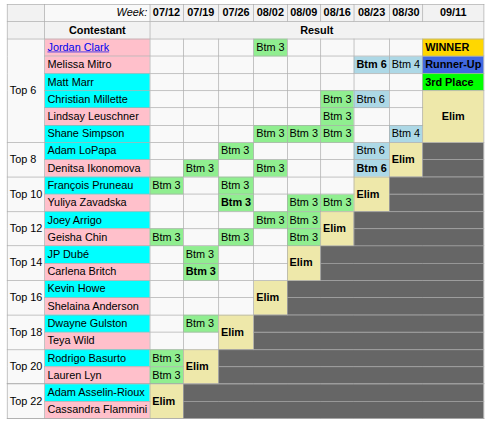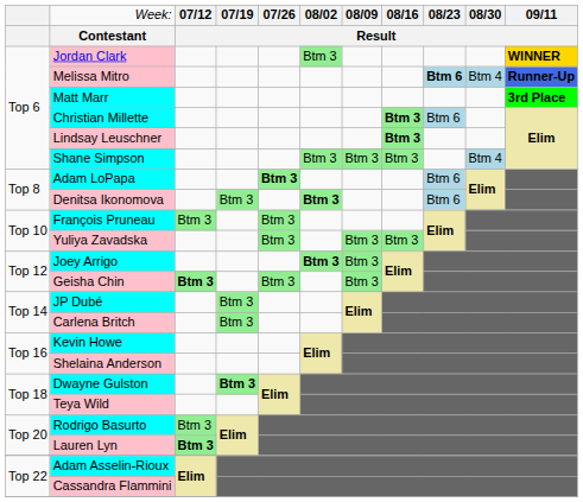 <table class="wikitable" style="margin:1em auto;">
 <tr>
 <th></th>
 <td align="right"><em>Week:</em></td>
 <th>07/12</th>
 <th>07/19</th>
 <th>07/26</th>
 <th>08/02</th>
 <th>08/09</th>
 <th>08/16</th>
 <th>08/23</th>
 <th>08/30</th>
 <th>09/11</th>
 </tr>
 <tr>
 <th></th>
 <th>Contestant</th>
 <th colspan="9" align="center">Result</th>
 </tr>
 <tr>
 <td rowspan="6">Top 6</td>
 <td bgcolor="pink"><a href='#'>Jordan Clark</a></td>
 <td></td>
 <td></td>
 <td></td>
 <td style="background:lightgreen;">Btm 3</td>
 <td></td>
 <td></td>
 <td></td>
 <td></td>
 <td bgcolor="gold"><strong>WINNER</strong></td>
 </tr>
 <tr>
 <td bgcolor="pink">Melissa Mitro</td>
 <td></td>
 <td></td>
 <td></td>
 <td></td>
 <td></td>
 <td></td>
 <td style="background:lightblue;"><strong>Btm 6</strong></td>
 <td style="background:lightblue;">Btm 4</td>
 <td bgcolor="royalblue"><strong>Runner-Up</strong></td>
 </tr>
 <tr>
 <td bgcolor="cyan">Matt Marr</td>
 <td></td>
 <td></td>
 <td></td>
 <td></td>
 <td></td>
 <td></td>
 <td></td>
 <td></td>
 <td bgcolor="lime"><strong>3rd Place</strong></td>
 </tr>
 <tr>
 <td bgcolor="cyan">Christian Millette</td>
 <td></td>
 <td></td>
 <td></td>
 <td></td>
 <td></td>
-<td style="background:lightgreen;">Btm 3</td>
+<td style="background:lightgreen;"><strong>Btm 3</strong></td>
 <td style="background:lightblue;">Btm 6</td>
 <td></td>
 <td style="text-align:center; background:palegoldenrod;" rowspan="3"><strong>Elim</strong></td>
 </tr>
 <tr>
 <td bgcolor="pink">Lindsay Leuschner</td>
 <td></td>
 <td></td>
 <td></td>
 <td></td>
 <td></td>
-<td style="background:lightgreen;">Btm 3</td>
+<td style="background:lightgreen;"><strong>Btm 3</strong></td>
 <td></td>
 <td></td>
 </tr>
 <tr>
 <td bgcolor="cyan">Shane Simpson</td>
 <td></td>
 <td></td>
 <td></td>
 <td style="background:lightgreen;">Btm 3</td>
 <td style="background:lightgreen;">Btm 3</td>
 <td style="background:lightgreen;">Btm 3</td>
 <td></td>
 <td style="background:lightblue;">Btm 4</td>
 </tr>
 <tr>
 <td rowspan="2">Top 8</td>
 <td bgcolor="cyan">Adam LoPapa</td>
 <td></td>
 <td></td>
-<td style="background:lightgreen;">Btm 3</td>
+<td style="background:lightgreen;"><strong>Btm 3</strong></td>
 <td></td>
 <td></td>
 <td></td>
 <td style="background:lightblue;">Btm 6</td>
 <td rowspan="2" bgcolor="palegoldenrod"><strong>Elim</strong></td>
 <td colspan="1" bgcolor="666666"></td>
 </tr>
 <tr>
 <td bgcolor="pink">Denitsa Ikonomova</td>
 <td></td>
 <td style="background:lightgreen;">Btm 3</td>
 <td></td>
-<td style="background:lightgreen;">Btm 3</td>
+<td style="background:lightgreen;"><strong>Btm 3</strong></td>
 <td></td>
 <td></td>
-<td style="background:lightblue;"><strong>Btm 6</strong></td>
+<td style="background:lightblue;">Btm 6</td>
 <td colspan="1" bgcolor="666666"></td>
 </tr>
 <tr>
 <td rowspan="2">Top 10</td>
 <td bgcolor="cyan">François Pruneau</td>
 <td style="background:lightgreen;">Btm 3</td>
 <td></td>
 <td style="background:lightgreen;">Btm 3</td>
 <td></td>
 <td></td>
 <td></td>
 <td rowspan="2" bgcolor="palegoldenrod"><strong>Elim</strong></td>
 <td colspan="2" bgcolor="666666"></td>
 </tr>
 <tr>
 <td bgcolor="pink">Yuliya Zavadska</td>
 <td></td>
 <td></td>
-<td style="background:lightgreen;"><strong>Btm 3</strong></td>
+<td style="background:lightgreen;">Btm 3</td>
 <td></td>
 <td style="background:lightgreen;">Btm 3</td>
 <td style="background:lightgreen;">Btm 3</td>
 <td colspan="2" bgcolor="666666"></td>
 </tr>
 <tr>
 <td rowspan="2">Top 12</td>
 <td bgcolor="cyan">Joey Arrigo</td>
 <td></td>
 <td></td>
 <td></td>
-<td style="background:lightgreen;">Btm 3</td>
+<td style="background:lightgreen;"><strong>Btm 3</strong></td>
 <td style="background:lightgreen;">Btm 3</td>
 <td rowspan="2" bgcolor="palegoldenrod"><strong>Elim</strong></td>
 <td colspan="3" bgcolor="666666"></td>
 </tr>
 <tr>
 <td bgcolor="pink">Geisha Chin</td>
-<td style="background:lightgreen;">Btm 3</td>
+<td style="background:lightgreen;"><strong>Btm 3</strong></td>
 <td></td>
 <td style="background:lightgreen;">Btm 3</td>
 <td></td>
 <td style="background:lightgreen;">Btm 3</td>
 <td colspan="3" bgcolor="666666"></td>
 </tr>
 <tr>
 <td rowspan="2">Top 14</td>
 <td bgcolor="cyan">JP Dubé</td>
 <td></td>
 <td style="background:lightgreen;">Btm 3</td>
 <td></td>
 <td></td>
 <td rowspan="2" bgcolor="palegoldenrod"><strong>Elim</strong></td>
 <td colspan="4" bgcolor="666666"></td>
 </tr>
 <tr>
 <td bgcolor="pink">Carlena Britch</td>
 <td></td>
-<td style="background:lightgreen;"><strong>Btm 3</strong></td>
+<td style="background:lightgreen;">Btm 3</td>
 <td></td>
 <td></td>
 <td colspan="4" bgcolor="666666"></td>
 </tr>
 <tr>
 <td rowspan="2">Top 16</td>
 <td bgcolor="cyan">Kevin Howe</td>
 <td></td>
 <td></td>
 <td></td>
 <td rowspan="2" bgcolor="palegoldenrod"><strong>Elim</strong></td>
 <td colspan="5" bgcolor="666666"></td>
 </tr>
 <tr>
 <td bgcolor="pink">Shelaina Anderson</td>
 <td></td>
 <td></td>
 <td></td>
 <td colspan="5" bgcolor="666666"></td>
 </tr>
 <tr>
 <td rowspan="2">Top 18</td>
 <td bgcolor="cyan">Dwayne Gulston</td>
 <td></td>
-<td style="background:lightgreen;">Btm 3</td>
+<td style="background:lightgreen;"><strong>Btm 3</strong></td>
 <td rowspan="2" bgcolor="palegoldenrod"><strong>Elim</strong></td>
 <td colspan="6" bgcolor="666666"></td>
 </tr>
 <tr>
 <td bgcolor="pink">Teya Wild</td>
 <td></td>
 <td></td>
 <td colspan="6" bgcolor="666666"></td>
 </tr>
 <tr>
 <td rowspan="2">Top 20</td>
 <td bgcolor="cyan">Rodrigo Basurto</td>
 <td style="background:lightgreen;">Btm 3</td>
 <td rowspan="2" bgcolor="palegoldenrod"><strong>Elim</strong></td>
 <td colspan="8" bgcolor="666666"></td>
 </tr>
 <tr>
 <td bgcolor="pink">Lauren Lyn</td>
-<td style="background:lightgreen;">Btm 3</td>
+<td style="background:lightgreen;"><strong>Btm 3</strong></td>
 <td colspan="8" bgcolor="666666"></td>
 </tr>
 <tr>
 </tr>
 <tr>
 <td rowspan="2">Top 22</td>
 <td bgcolor="cyan">Adam Asselin-Rioux</td>
 <td rowspan="2" bgcolor="palegoldenrod"><strong>Elim</strong></td>
 <td colspan="8" bgcolor="666666"></td>
 </tr>
 <tr>
 <td bgcolor="pink">Cassandra Flammini</td>
 <td colspan="8" bgcolor="666666"></td>
 </tr>
 <tr>
 </tr>
 </table>
